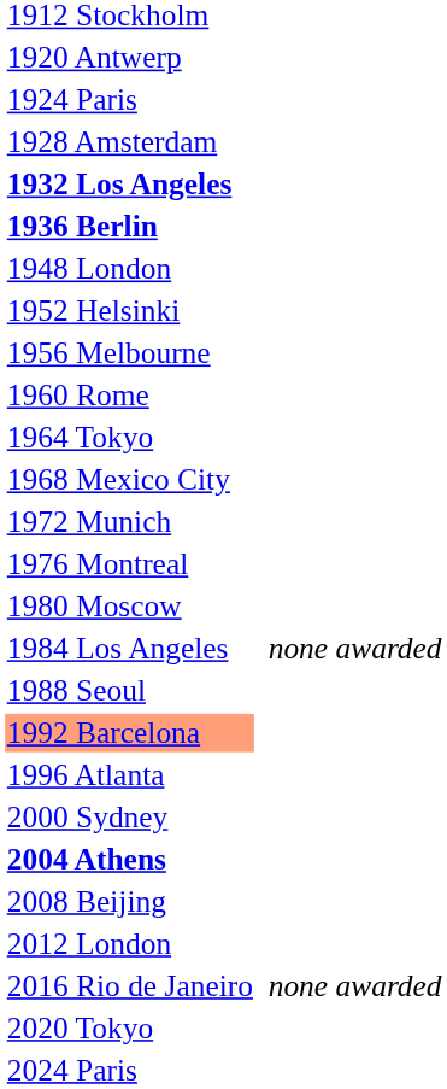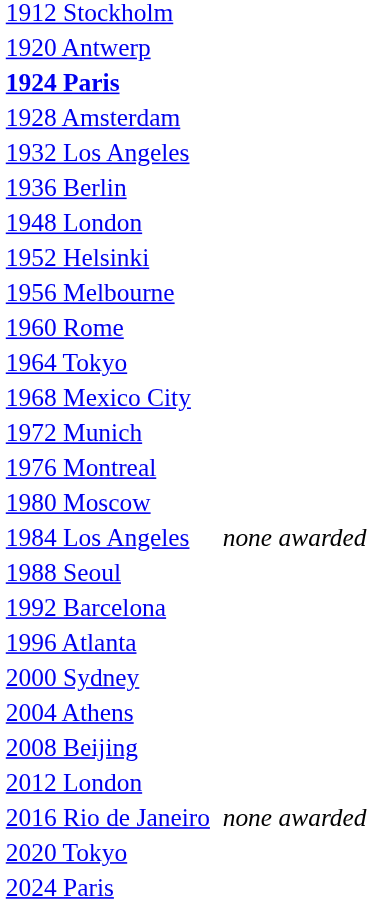 <table>
 <tr>
 <td><a href='#'>1912 Stockholm</a><br></td>
 <td></td>
 <td></td>
 <td></td>
 </tr>
 <tr>
 <td><a href='#'>1920 Antwerp</a><br></td>
 <td></td>
 <td></td>
 <td></td>
 </tr>
 <tr>
-<td><a href='#'>1924 Paris</a><br></td>
+<td><strong><a href='#'>1924 Paris</a><br></strong></td>
 <td></td>
 <td></td>
 <td></td>
 </tr>
 <tr>
 <td><a href='#'>1928 Amsterdam</a><br></td>
 <td></td>
 <td></td>
 <td></td>
 </tr>
 <tr>
-<td><strong><a href='#'>1932 Los Angeles</a><br></strong></td>
+<td><a href='#'>1932 Los Angeles</a><br></td>
 <td></td>
 <td></td>
 <td></td>
 </tr>
 <tr>
-<td><strong><a href='#'>1936 Berlin</a><br></strong></td>
+<td><a href='#'>1936 Berlin</a><br></td>
 <td></td>
 <td></td>
 <td></td>
 </tr>
 <tr>
 <td><a href='#'>1948 London</a><br></td>
 <td></td>
 <td></td>
 <td></td>
 </tr>
 <tr>
 <td><a href='#'>1952 Helsinki</a><br></td>
 <td></td>
 <td></td>
 <td></td>
 </tr>
 <tr>
 <td><a href='#'>1956 Melbourne</a><br></td>
 <td></td>
 <td></td>
 <td></td>
 </tr>
 <tr>
 <td><a href='#'>1960 Rome</a><br></td>
 <td></td>
 <td></td>
 <td></td>
 </tr>
 <tr>
 <td><a href='#'>1964 Tokyo</a><br></td>
 <td></td>
 <td></td>
 <td></td>
 </tr>
 <tr>
 <td><a href='#'>1968 Mexico City</a><br></td>
 <td></td>
 <td></td>
 <td></td>
 </tr>
 <tr>
 <td><a href='#'>1972 Munich</a><br></td>
 <td></td>
 <td></td>
 <td></td>
 </tr>
 <tr>
 <td><a href='#'>1976 Montreal</a><br></td>
 <td></td>
 <td></td>
 <td></td>
 </tr>
 <tr>
 <td><a href='#'>1980 Moscow</a><br></td>
 <td></td>
 <td></td>
 <td></td>
 </tr>
 <tr valign="top">
 <td rowspan=2><a href='#'>1984 Los Angeles</a><br></td>
 <td></td>
 <td rowspan=2><em>none awarded</em></td>
 <td rowspan=2></td>
 </tr>
 <tr>
 <td></td>
 </tr>
 <tr>
 <td><a href='#'>1988 Seoul</a><br></td>
 <td></td>
 <td></td>
 <td></td>
 </tr>
 <tr>
-<td style="background: lightsalmon;"><a href='#'>1992 Barcelona</a><br></td>
+<td><a href='#'>1992 Barcelona</a><br></td>
 <td></td>
 <td></td>
 <td></td>
 </tr>
 <tr>
 <td><a href='#'>1996 Atlanta</a><br></td>
 <td></td>
 <td></td>
 <td></td>
 </tr>
 <tr valign="top">
 <td rowspan=2><a href='#'>2000 Sydney</a><br></td>
 <td rowspan=2></td>
 <td rowspan=2></td>
 <td></td>
 </tr>
 <tr>
 <td></td>
 </tr>
 <tr>
-<td><strong><a href='#'>2004 Athens</a><br></strong></td>
+<td><a href='#'>2004 Athens</a><br></td>
 <td></td>
 <td></td>
 <td></td>
 </tr>
 <tr>
 <td><a href='#'>2008 Beijing</a><br></td>
 <td></td>
 <td></td>
 <td></td>
 </tr>
 <tr>
 <td><a href='#'>2012 London</a><br></td>
 <td></td>
 <td></td>
 <td></td>
 </tr>
 <tr valign="top">
 <td rowspan=2><a href='#'>2016 Rio de Janeiro</a><br></td>
 <td></td>
 <td rowspan=2><em>none awarded</em></td>
 <td rowspan=2></td>
 </tr>
 <tr>
 <td></td>
 </tr>
 <tr>
 <td><a href='#'>2020 Tokyo</a><br></td>
 <td></td>
 <td></td>
 <td></td>
 </tr>
 <tr>
 <td><a href='#'>2024 Paris</a><br></td>
 <td></td>
 <td></td>
 <td></td>
 </tr>
 <tr>
 </tr>
 </table>
